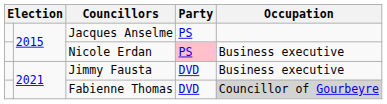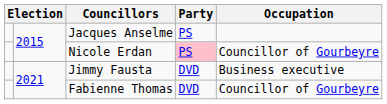 <table class="wikitable">
 <tr>
 <th colspan="2">Election</th>
 <th>Councillors</th>
 <th>Party</th>
 <th>Occupation</th>
 </tr>
 <tr>
 <td style="background-color: "></td>
 <td rowspan="2"><a href='#'>2015</a></td>
 <td>Jacques Anselme</td>
 <td><a href='#'>PS</a></td>
 <td></td>
 </tr>
 <tr>
 <td style="background-color: "></td>
 <td>Nicole Erdan</td>
 <td style="background: pink;"><a href='#'>PS</a></td>
-<td>Business executive</td>
+<td>Councillor of <a href='#'>Gourbeyre</a></td>
 </tr>
 <tr>
 <td style="background-color: "></td>
 <td rowspan="2"><a href='#'>2021</a></td>
 <td>Jimmy Fausta</td>
 <td><a href='#'>DVD</a></td>
 <td>Business executive</td>
 </tr>
 <tr>
 <td style="background-color: "></td>
 <td>Fabienne Thomas</td>
 <td><a href='#'>DVD</a></td>
-<td style="background: lightgrey;">Councillor of <a href='#'>Gourbeyre</a></td>
+<td>Councillor of <a href='#'>Gourbeyre</a></td>
 </tr>
 </table>
